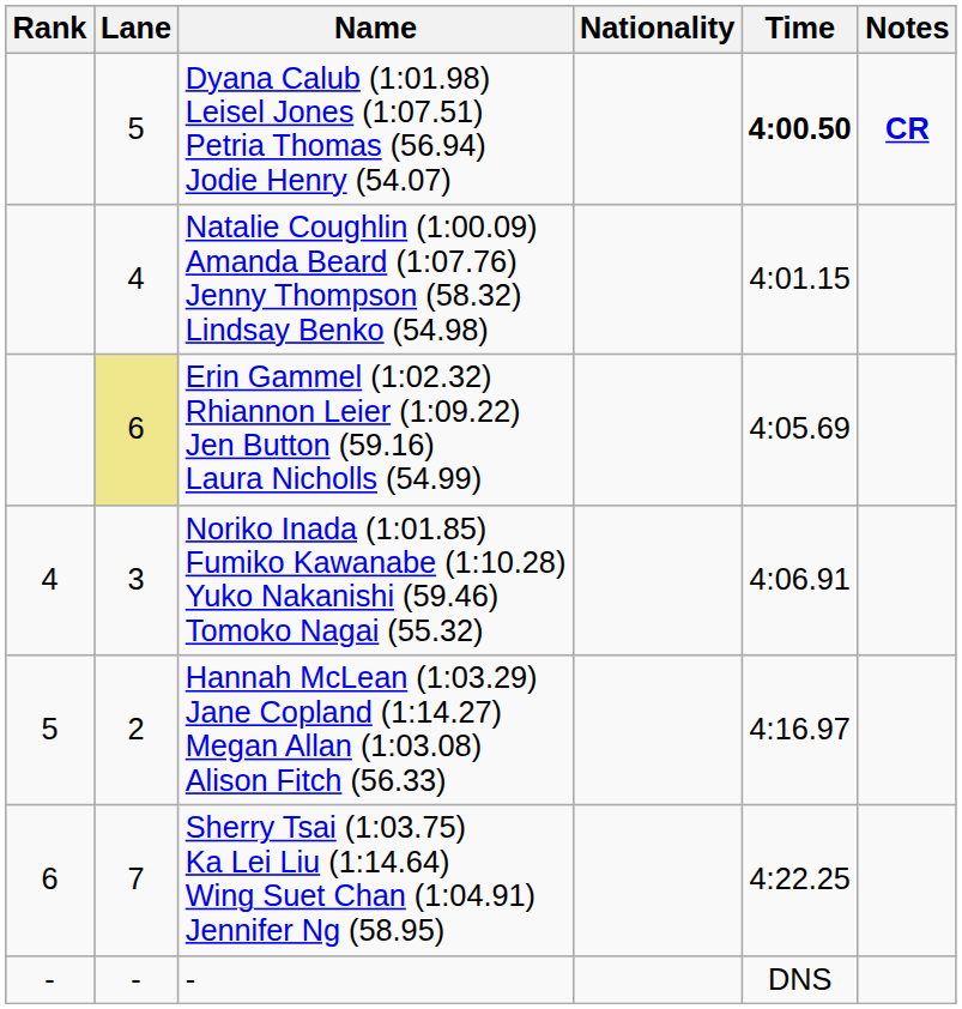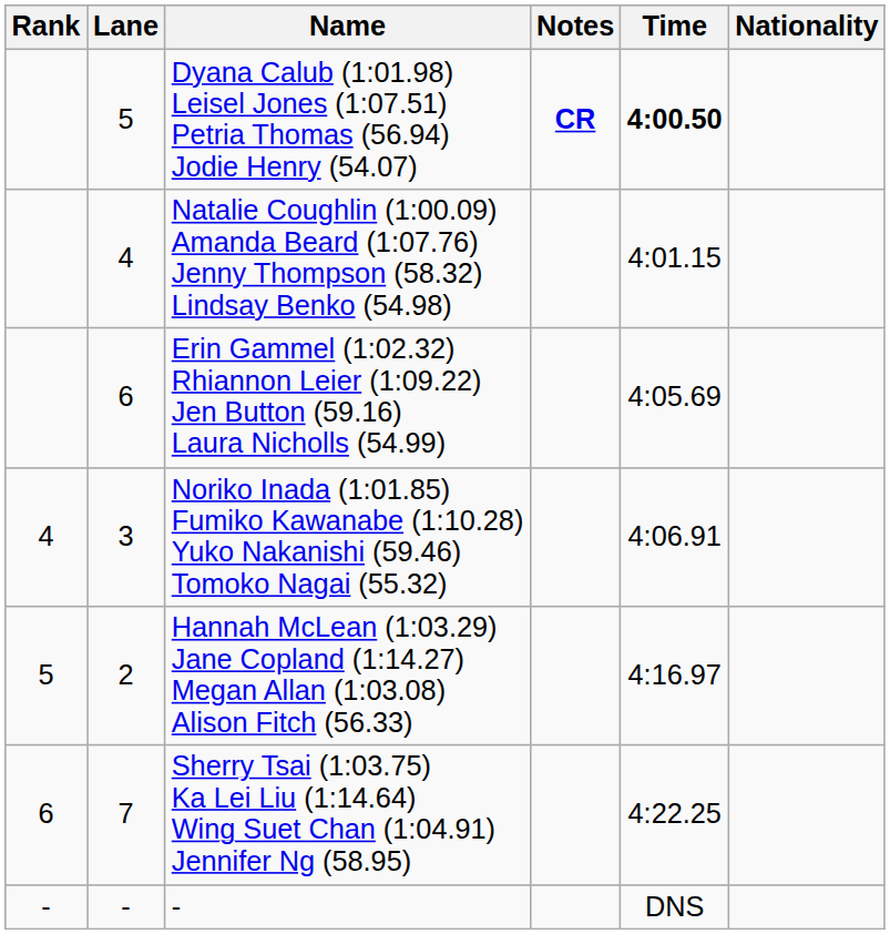 <table class="wikitable sortable" style="text-align:center">
 <tr>
 <th>Rank</th>
 <th>Lane</th>
 <th>Name</th>
+<th>Notes</th>
+<th>Time</th>
 <th>Nationality</th>
-<th>Time</th>
-<th>Notes</th>
 </tr>
 <tr>
 <td></td>
 <td>5</td>
 <td align=left><a href='#'>Dyana Calub</a> (1:01.98) <br> <a href='#'>Leisel Jones</a> (1:07.51) <br> <a href='#'>Petria Thomas</a> (56.94) <br> <a href='#'>Jodie Henry</a> (54.07)</td>
+<td><strong><a href='#'>CR</a></strong></td>
+<td><strong>4:00.50</strong></td>
 <td align=left></td>
-<td><strong>4:00.50</strong></td>
-<td><strong><a href='#'>CR</a></strong></td>
 </tr>
 <tr>
 <td></td>
 <td>4</td>
 <td align=left><a href='#'>Natalie Coughlin</a> (1:00.09) <br> <a href='#'>Amanda Beard</a> (1:07.76) <br> <a href='#'>Jenny Thompson</a> (58.32) <br> <a href='#'>Lindsay Benko</a> (54.98)</td>
+<td></td>
+<td>4:01.15</td>
 <td align=left></td>
-<td>4:01.15</td>
-<td></td>
 </tr>
 <tr>
 <td></td>
-<td style="background: khaki;">6</td>
+<td>6</td>
 <td align=left><a href='#'>Erin Gammel</a> (1:02.32) <br> <a href='#'>Rhiannon Leier</a> (1:09.22) <br> <a href='#'>Jen Button</a> (59.16) <br> <a href='#'>Laura Nicholls</a> (54.99)</td>
+<td></td>
+<td>4:05.69</td>
 <td align=left></td>
-<td>4:05.69</td>
-<td></td>
 </tr>
 <tr>
 <td>4</td>
 <td>3</td>
 <td align=left><a href='#'>Noriko Inada</a> (1:01.85) <br> <a href='#'>Fumiko Kawanabe</a> (1:10.28) <br> <a href='#'>Yuko Nakanishi</a> (59.46) <br> <a href='#'>Tomoko Nagai</a> (55.32) <br></td>
+<td></td>
+<td>4:06.91</td>
 <td align=left></td>
-<td>4:06.91</td>
-<td></td>
 </tr>
 <tr>
 <td>5</td>
 <td>2</td>
 <td align=left><a href='#'>Hannah McLean</a> (1:03.29) <br> <a href='#'>Jane Copland</a> (1:14.27) <br> <a href='#'>Megan Allan</a> (1:03.08) <br> <a href='#'>Alison Fitch</a> (56.33)</td>
+<td></td>
+<td>4:16.97</td>
 <td align=left></td>
-<td>4:16.97</td>
-<td></td>
 </tr>
 <tr>
 <td>6</td>
 <td>7</td>
 <td align=left><a href='#'>Sherry Tsai</a> (1:03.75) <br> <a href='#'>Ka Lei Liu</a> (1:14.64) <br> <a href='#'>Wing Suet Chan</a> (1:04.91) <br> <a href='#'>Jennifer Ng</a> (58.95)</td>
+<td></td>
+<td>4:22.25</td>
 <td align=left></td>
-<td>4:22.25</td>
-<td></td>
 </tr>
 <tr>
 <td>-</td>
 <td>-</td>
 <td align=left>-</td>
+<td></td>
+<td>DNS</td>
 <td align=left></td>
-<td>DNS</td>
-<td></td>
 </tr>
 </table>
